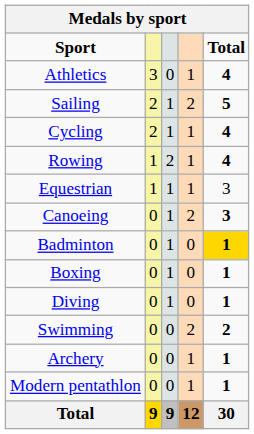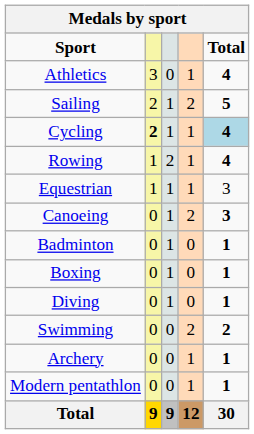 <table class="wikitable" style="font-size:85%; float: right;">
 <tr style="background:#efefef;">
 <th colspan=5><strong>Medals by sport</strong></th>
 </tr>
 <tr align=center>
 <td><strong>Sport</strong></td>
 <td bgcolor=#f7f6a8></td>
 <td bgcolor=#dce5e5></td>
 <td bgcolor=#ffdab9></td>
 <td><strong>Total</strong></td>
 </tr>
 <tr align=center>
 <td><a href='#'>Athletics</a></td>
 <td style="background:#F7F6A8;">3</td>
 <td style="background:#DCE5E5;">0</td>
 <td style="background:#FFDAB9;">1</td>
 <td><strong>4</strong></td>
 </tr>
 <tr align=center>
 <td><a href='#'>Sailing</a></td>
 <td style="background:#F7F6A8;">2</td>
 <td style="background:#DCE5E5;">1</td>
 <td style="background:#FFDAB9;">2</td>
 <td><strong>5</strong></td>
 </tr>
 <tr align=center>
 <td><a href='#'>Cycling</a></td>
-<td style="background:#F7F6A8;">2</td>
+<td style="background:#F7F6A8;"><strong>2</strong></td>
 <td style="background:#DCE5E5;">1</td>
 <td style="background:#FFDAB9;">1</td>
-<td><strong>4</strong></td>
+<td style="background: lightblue;"><strong>4</strong></td>
 </tr>
 <tr align=center>
 <td><a href='#'>Rowing</a></td>
 <td style="background:#F7F6A8;">1</td>
 <td style="background:#DCE5E5;">2</td>
 <td style="background:#FFDAB9;">1</td>
 <td><strong>4</strong></td>
 </tr>
 <tr align=center>
 <td><a href='#'>Equestrian</a></td>
 <td style="background:#F7F6A8;">1</td>
 <td style="background:#DCE5E5;">1</td>
 <td style="background:#FFDAB9;">1</td>
 <td>3</td>
 </tr>
 <tr align=center>
 <td><a href='#'>Canoeing</a></td>
 <td style="background:#F7F6A8;">0</td>
 <td style="background:#DCE5E5;">1</td>
 <td style="background:#FFDAB9;">2</td>
 <td><strong>3</strong></td>
 </tr>
 <tr align=center>
 <td><a href='#'>Badminton</a></td>
 <td style="background:#F7F6A8;">0</td>
 <td style="background:#DCE5E5;">1</td>
 <td style="background:#FFDAB9;">0</td>
-<td style="background: gold;"><strong>1</strong></td>
+<td><strong>1</strong></td>
 </tr>
 <tr align=center>
 <td><a href='#'>Boxing</a></td>
 <td style="background:#F7F6A8;">0</td>
 <td style="background:#DCE5E5;">1</td>
 <td style="background:#FFDAB9;">0</td>
 <td><strong>1</strong></td>
 </tr>
 <tr align=center>
 <td><a href='#'>Diving</a></td>
 <td style="background:#F7F6A8;">0</td>
 <td style="background:#DCE5E5;">1</td>
 <td style="background:#FFDAB9;">0</td>
 <td><strong>1</strong></td>
 </tr>
 <tr align=center>
 <td><a href='#'>Swimming</a></td>
 <td style="background:#F7F6A8;">0</td>
 <td style="background:#DCE5E5;">0</td>
 <td style="background:#FFDAB9;">2</td>
 <td><strong>2</strong></td>
 </tr>
 <tr align=center>
 <td><a href='#'>Archery</a></td>
 <td style="background:#F7F6A8;">0</td>
 <td style="background:#DCE5E5;">0</td>
 <td style="background:#FFDAB9;">1</td>
 <td><strong>1</strong></td>
 </tr>
 <tr align=center>
 <td><a href='#'>Modern pentathlon</a></td>
 <td style="background:#F7F6A8;">0</td>
 <td style="background:#DCE5E5;">0</td>
 <td style="background:#FFDAB9;">1</td>
 <td><strong>1</strong></td>
 </tr>
 <tr align=center>
 <th><strong>Total</strong></th>
 <th style="background:gold;"><strong>9</strong></th>
 <th style="background:silver;"><strong>9</strong></th>
 <th style="background:#c96;"><strong>12</strong></th>
 <th><strong>30</strong></th>
 </tr>
 </table>
